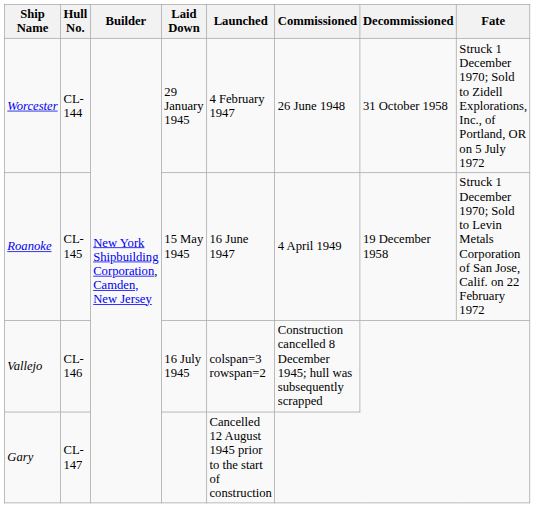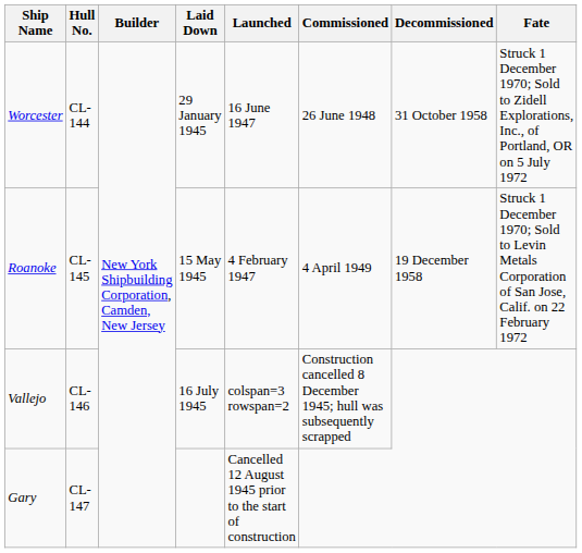 <table class="sortable wikitable">
 <tr>
 <th>Ship Name</th>
 <th>Hull No.</th>
 <th>Builder</th>
 <th>Laid Down</th>
 <th>Launched</th>
 <th>Commissioned</th>
 <th>Decommissioned</th>
 <th>Fate</th>
 </tr>
 <tr>
 <td><a href='#'><em>Worcester</em></a></td>
 <td>CL-144</td>
 <td rowspan=4><a href='#'>New York Shipbuilding Corporation</a>, <a href='#'>Camden, New Jersey</a></td>
 <td>29 January 1945</td>
-<td>4 February 1947</td>
+<td>16 June 1947</td>
 <td>26 June 1948</td>
 <td>31 October 1958</td>
 <td>Struck 1 December 1970; Sold to Zidell Explorations, Inc., of Portland, OR on 5 July 1972</td>
 </tr>
 <tr>
 <td><a href='#'><em>Roanoke</em></a></td>
 <td>CL-145</td>
 <td>15 May 1945</td>
-<td>16 June 1947</td>
+<td>4 February 1947</td>
 <td>4 April 1949</td>
 <td>19 December 1958</td>
 <td>Struck 1 December 1970; Sold to Levin Metals Corporation of San Jose, Calif. on 22 February 1972</td>
 </tr>
 <tr>
 <td><em>Vallejo</em></td>
 <td>CL-146</td>
 <td>16 July 1945</td>
 <td>colspan=3 rowspan=2 </td>
 <td>Construction cancelled 8 December 1945; hull was subsequently scrapped</td>
 </tr>
 <tr>
 <td><em>Gary</em></td>
 <td>CL-147</td>
 <td></td>
 <td>Cancelled 12 August 1945 prior to the start of construction</td>
 </tr>
 </table>
